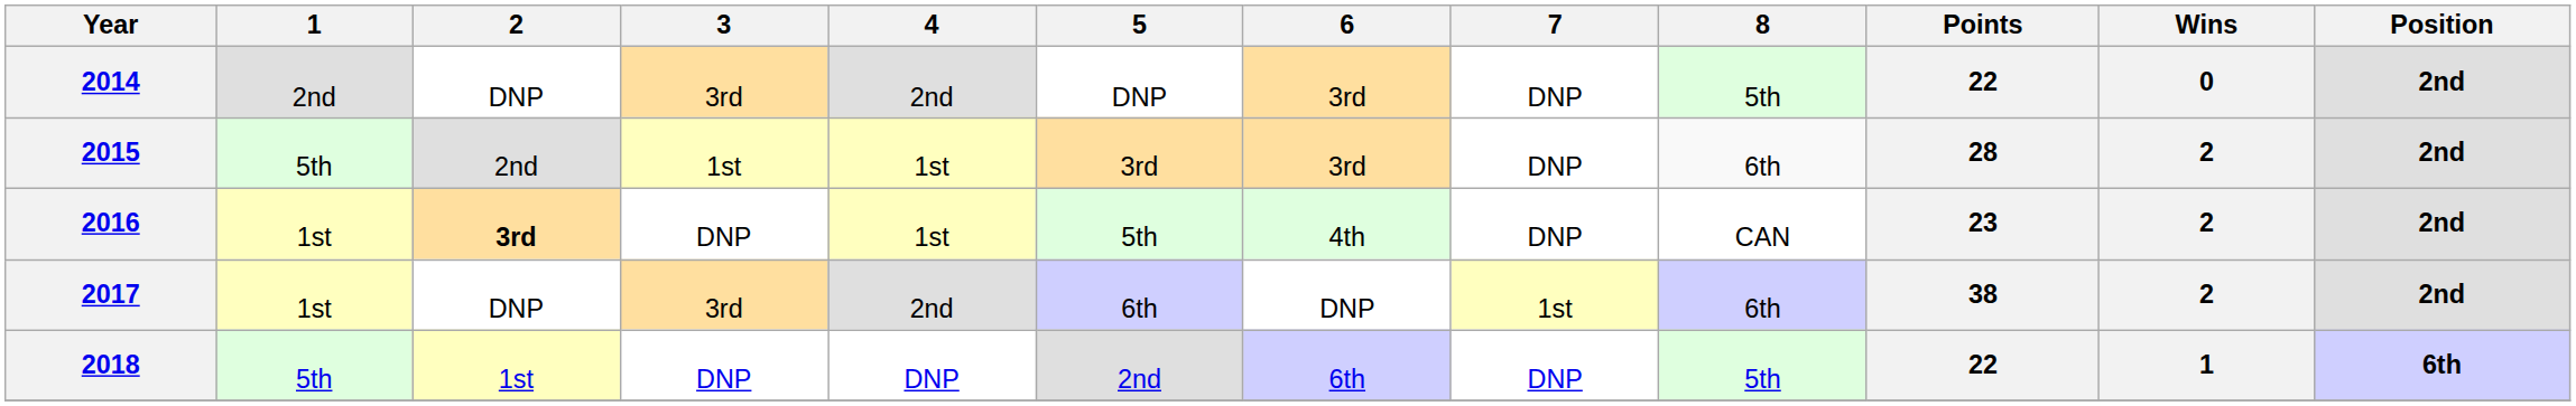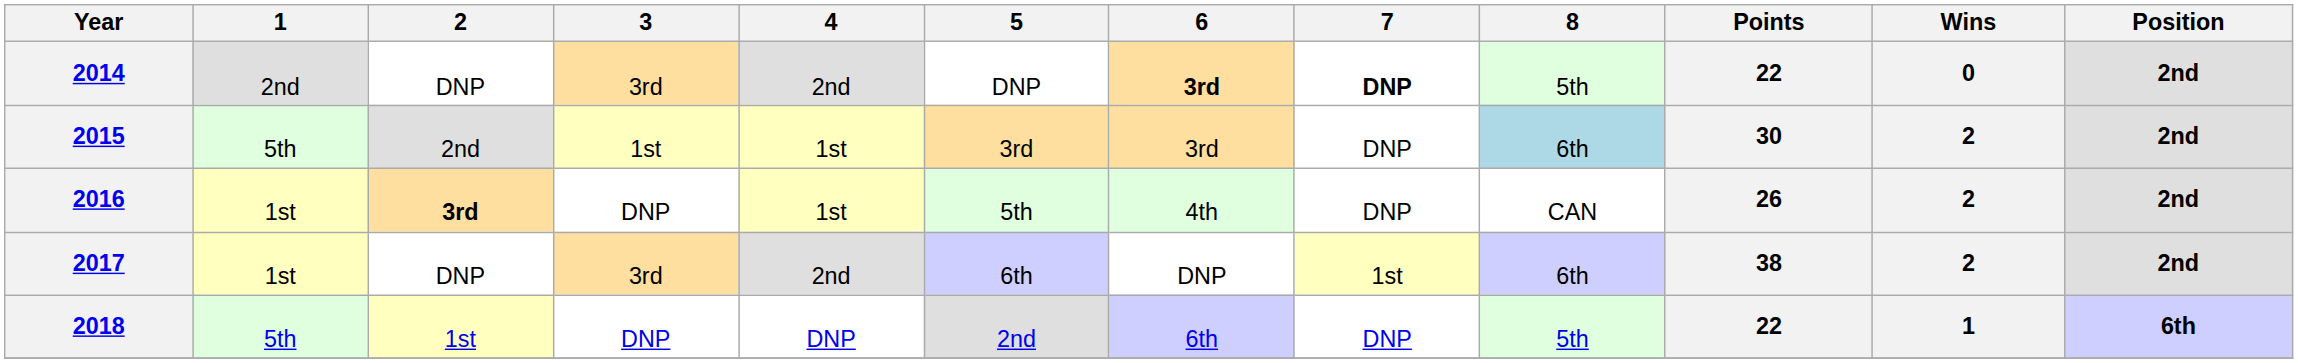 <table class="wikitable" style="text-align: center;" style="font-size:small" style="clear:both;">
 <tr>
 <th width="2%">Year</th>
 <th width="2%">1</th>
 <th width="2%">2</th>
 <th width="2%">3</th>
 <th width="2%">4</th>
 <th width="2%">5</th>
 <th width="2%">6</th>
 <th width="2%">7</th>
 <th width="2%">8</th>
 <th width="2%">Points</th>
 <th width="2%">Wins</th>
 <th width="2%">Position</th>
 </tr>
 <tr align=center>
 <th><a href='#'>2014</a></th>
 <td style="background:#DFDFDF;"> <br>2nd</td>
 <td style="background:#FFFFFF;"> <br>DNP</td>
 <td style="background:#FFDF9F;"> <br>3rd</td>
 <td style="background:#DFDFDF;"> <br>2nd</td>
 <td style="background:#FFFFFF;"> <br>DNP</td>
-<td style="background:#FFDF9F;"> <br>3rd</td>
-<td style="background:#FFFFFF;"> <br>DNP</td>
+<td style="background:#FFDF9F;"><strong> <br>3rd</strong></td>
+<td style="background:#FFFFFF;"><strong> <br>DNP</strong></td>
 <td style="background:#DFFFDF;"> <br>5th</td>
 <th>22</th>
 <th>0</th>
 <th style="background:#dfdfdf;">2nd</th>
 </tr>
 <tr align=center>
 <th><a href='#'>2015</a></th>
 <td style="background:#DFFFDF;"> <br>5th</td>
 <td style="background:#DFDFDF;"> <br>2nd</td>
 <td style="background:#FFFFBF;"> <br>1st</td>
 <td style="background:#FFFFBF;"> <br>1st</td>
 <td style="background:#FFDF9F;"> <br>3rd</td>
 <td style="background:#FFDF9F;"> <br>3rd</td>
 <td style="background:#FFFFFF;"> <br>DNP</td>
-<td style="backgroung:#DFFFDF;"> <br>6th</td>
-<th>28</th>
+<td style="background: lightblue; backgroung:#DFFFDF;"> <br>6th</td>
+<th>30</th>
 <th>2</th>
 <th style="background:#dfdfdf;">2nd</th>
 </tr>
 <tr align=center>
 <th><a href='#'>2016</a></th>
 <td style="background:#ffffbf;"> <br>1st</td>
 <td style="background:#ffdf9f;"><strong> <br>3rd</strong></td>
 <td style="background:#FFFFFF;"> <br>DNP</td>
 <td style="background:#ffffbf;"> <br>1st</td>
 <td style="background:#dfffdf;"> <br>5th</td>
 <td style="background:#dfffdf;"> <br>4th</td>
 <td style="background:#FFFFFF;"> <br>DNP</td>
 <td style="background:#FFFFFF;"> <br>CAN</td>
-<th>23</th>
+<th>26</th>
 <th>2</th>
 <th style="background:#dfdfdf;">2nd</th>
 </tr>
 <tr align=center>
 <th><a href='#'>2017</a></th>
 <td style="background:#ffffbf;"> <br>1st</td>
 <td style="background:#FFFFFF;"> <br>DNP</td>
 <td style="background:#ffdf9f;"> <br>3rd</td>
 <td style="background:#dfdfdf;"> <br>2nd</td>
 <td style="background:#cfcfff;"> <br>6th</td>
 <td style="background:#FFFFFF;"> <br>DNP</td>
 <td style="background:#ffffbf;"> <br>1st</td>
 <td style="background:#cfcfff;"> <br>6th</td>
 <th>38</th>
 <th>2</th>
 <th style="background:#dfdfdf;">2nd</th>
 </tr>
 <tr align=center>
 <th><a href='#'>2018</a></th>
 <td style="background:#DFFFDF;"><br><a href='#'>5th</a></td>
 <td style="background:#ffffbf;"><br><a href='#'>1st</a></td>
 <td style="background:#FFFFFF;"><br><a href='#'>DNP</a></td>
 <td style="background:#FFFFFF;"><br><a href='#'>DNP</a></td>
 <td style="background:#dfdfdf;"><br><a href='#'>2nd</a></td>
 <td style="background:#cfcfff;"><br><a href='#'>6th</a></td>
 <td style="background:#FFFFFF;"><br><a href='#'>DNP</a></td>
 <td style="background:#dfffdf;"><br><a href='#'>5th</a></td>
 <th>22</th>
 <th>1</th>
 <th style="background:#cfcfff;">6th</th>
 </tr>
 <tr align=center>
 </tr>
 </table>
